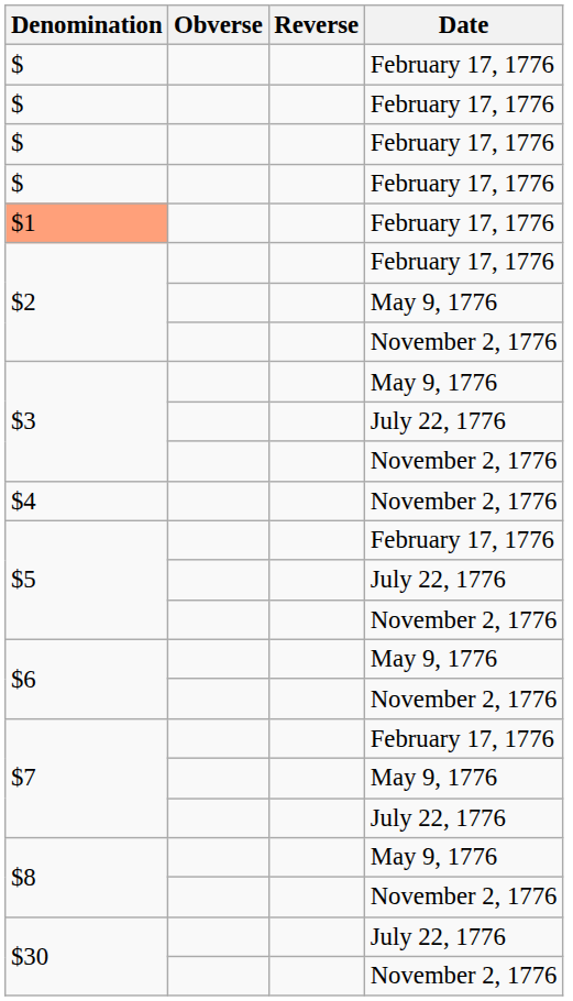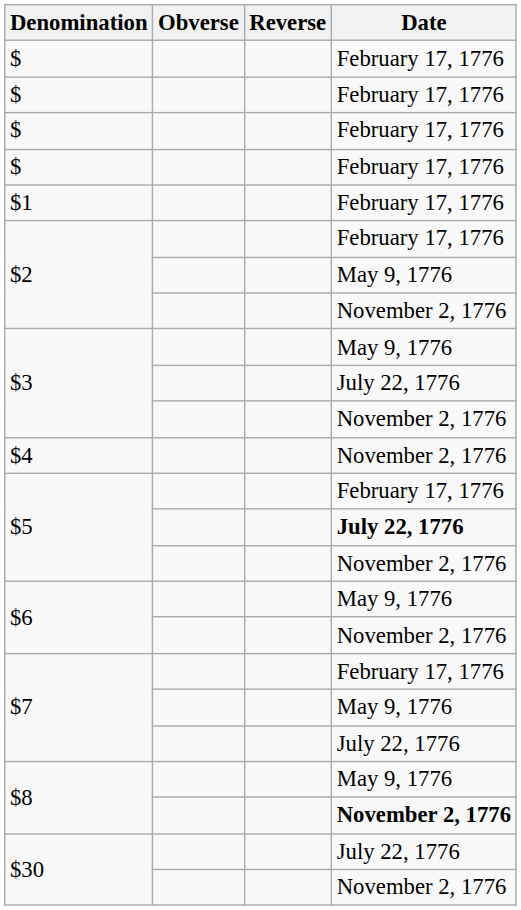 <table class="wikitable">
 <tr>
 <th>Denomination</th>
 <th>Obverse</th>
 <th>Reverse</th>
 <th>Date</th>
 </tr>
 <tr>
 <td>$</td>
 <td></td>
 <td></td>
 <td>February 17, 1776</td>
 </tr>
 <tr>
 <td>$</td>
 <td></td>
 <td></td>
 <td>February 17, 1776</td>
 </tr>
 <tr>
 <td>$</td>
 <td></td>
 <td></td>
 <td>February 17, 1776</td>
 </tr>
 <tr>
 <td>$</td>
 <td></td>
 <td></td>
 <td>February 17, 1776</td>
 </tr>
 <tr>
-<td style="background: lightsalmon;">$1</td>
+<td>$1</td>
 <td></td>
 <td></td>
 <td>February 17, 1776</td>
 </tr>
 <tr>
 <td rowspan="3">$2</td>
 <td></td>
 <td></td>
 <td>February 17, 1776</td>
 </tr>
 <tr>
 <td></td>
 <td></td>
 <td>May 9, 1776</td>
 </tr>
 <tr>
 <td></td>
 <td></td>
 <td>November 2, 1776</td>
 </tr>
 <tr>
 <td rowspan="3">$3</td>
 <td></td>
 <td></td>
 <td>May 9, 1776</td>
 </tr>
 <tr>
 <td></td>
 <td></td>
 <td>July 22, 1776</td>
 </tr>
 <tr>
 <td></td>
 <td></td>
 <td>November 2, 1776</td>
 </tr>
 <tr>
 <td>$4</td>
 <td></td>
 <td></td>
 <td>November 2, 1776</td>
 </tr>
 <tr>
 <td rowspan="3">$5</td>
 <td></td>
 <td></td>
 <td>February 17, 1776</td>
 </tr>
 <tr>
 <td></td>
 <td></td>
-<td>July 22, 1776</td>
+<td><strong>July 22, 1776</strong></td>
 </tr>
 <tr>
 <td></td>
 <td></td>
 <td>November 2, 1776</td>
 </tr>
 <tr>
 <td rowspan="2">$6</td>
 <td></td>
 <td></td>
 <td>May 9, 1776</td>
 </tr>
 <tr>
 <td></td>
 <td></td>
 <td>November 2, 1776</td>
 </tr>
 <tr>
 <td rowspan="3">$7</td>
 <td></td>
 <td></td>
 <td>February 17, 1776</td>
 </tr>
 <tr>
 <td></td>
 <td></td>
 <td>May 9, 1776</td>
 </tr>
 <tr>
 <td></td>
 <td></td>
 <td>July 22, 1776</td>
 </tr>
 <tr>
 <td rowspan="2">$8</td>
 <td></td>
 <td></td>
 <td>May 9, 1776</td>
 </tr>
 <tr>
 <td></td>
 <td></td>
-<td>November 2, 1776</td>
+<td><strong>November 2, 1776</strong></td>
 </tr>
 <tr>
 <td rowspan="2">$30</td>
 <td></td>
 <td></td>
 <td>July 22, 1776</td>
 </tr>
 <tr>
 <td></td>
 <td></td>
 <td>November 2, 1776</td>
 </tr>
 </table>
